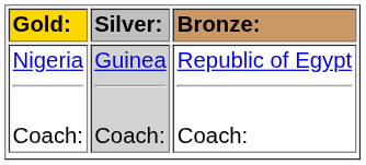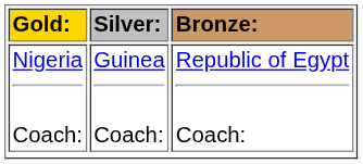 <table border="1" Cellpadding="2">
 <tr>
 <td !align="center" bgcolor="gold"><strong>Gold:</strong></td>
 <td !align="center" bgcolor="silver"><strong>Silver:</strong></td>
 <td !align="center" bgcolor="#CC9966"><strong>Bronze:</strong></td>
 </tr>
 <tr valign=top>
 <td> <a href='#'>Nigeria</a><hr><br>Coach:</td>
-<td style="background: lightgrey;"> <a href='#'>Guinea</a><hr><br>Coach:</td>
+<td> <a href='#'>Guinea</a><hr><br>Coach:</td>
 <td> <a href='#'>Republic of Egypt</a><hr><br>Coach:</td>
 </tr>
 <tr>
 </tr>
 </table>
